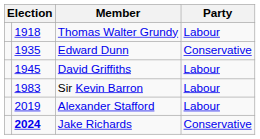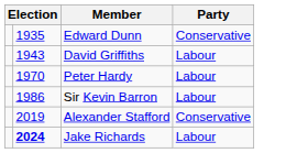 <table class="wikitable">
 <tr>
 <th colspan="2">Election</th>
 <th>Member</th>
 <th>Party</th>
-</tr>
-<tr>
-<td style="color:inherit;background-color: "></td>
-<td><a href='#'>1918</a></td>
-<td><a href='#'>Thomas Walter Grundy</a></td>
-<td><a href='#'>Labour</a></td>
 </tr>
 <tr>
 <td style="color:inherit;background-color: "></td>
 <td><a href='#'>1935</a></td>
 <td><a href='#'>Edward Dunn</a></td>
 <td><a href='#'>Conservative</a></td>
 </tr>
 <tr>
 <td style="color:inherit;background-color: "></td>
-<td><a href='#'>1945</a></td>
+<td><a href='#'>1943</a></td>
 <td><a href='#'>David Griffiths</a></td>
 <td><a href='#'>Labour</a></td>
 </tr>
 <tr>
 <td style="color:inherit;background-color: "></td>
-<td><a href='#'>1983</a></td>
+<td><a href='#'>1970</a></td>
+<td><a href='#'>Peter Hardy</a></td>
+<td><a href='#'>Labour</a></td>
+</tr>
+<tr>
+<td style="color:inherit;background-color: "></td>
+<td><a href='#'>1986</a></td>
 <td>Sir <a href='#'>Kevin Barron</a></td>
 <td><a href='#'>Labour</a></td>
 </tr>
 <tr>
 <td style="color:inherit;background-color: "></td>
 <td><a href='#'>2019</a></td>
 <td><a href='#'>Alexander Stafford</a></td>
-<td><a href='#'>Labour</a></td>
+<td><a href='#'>Conservative</a></td>
 </tr>
 <tr>
 <td style="color:inherit;background-color: "></td>
 <td><strong><a href='#'>2024</a></strong></td>
 <td><a href='#'>Jake Richards</a></td>
-<td><a href='#'>Conservative</a></td>
+<td><a href='#'>Labour</a></td>
 </tr>
 </table>
